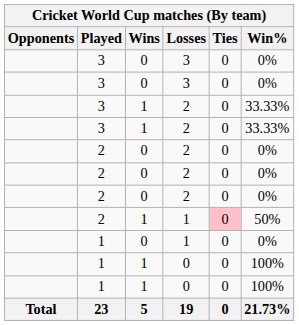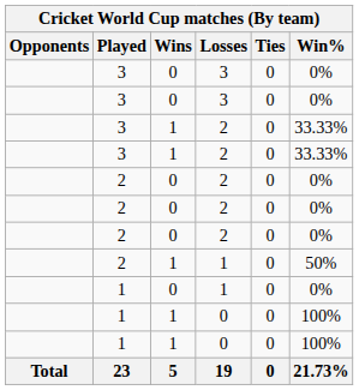 <table class="wikitable" style="text-align: center;">
 <tr>
 <th colspan=6>Cricket World Cup matches (By team)</th>
 </tr>
 <tr>
 <th>Opponents</th>
 <th>Played</th>
 <th>Wins</th>
 <th>Losses</th>
 <th>Ties</th>
 <th>Win%</th>
 </tr>
 <tr>
 <td align=left></td>
 <td>3</td>
 <td>0</td>
 <td>3</td>
 <td>0</td>
 <td>0%</td>
 </tr>
 <tr>
 <td align=left></td>
 <td>3</td>
 <td>0</td>
 <td>3</td>
 <td>0</td>
 <td>0%</td>
 </tr>
 <tr>
 <td align=left></td>
 <td>3</td>
 <td>1</td>
 <td>2</td>
 <td>0</td>
 <td>33.33%</td>
 </tr>
 <tr>
 <td align=left></td>
 <td>3</td>
 <td>1</td>
 <td>2</td>
 <td>0</td>
 <td>33.33%</td>
 </tr>
 <tr>
 <td align=left></td>
 <td>2</td>
 <td>0</td>
 <td>2</td>
 <td>0</td>
 <td>0%</td>
 </tr>
 <tr>
 <td align=left></td>
 <td>2</td>
 <td>0</td>
 <td>2</td>
 <td>0</td>
 <td>0%</td>
 </tr>
 <tr>
 <td align=left></td>
 <td>2</td>
 <td>0</td>
 <td>2</td>
 <td>0</td>
 <td>0%</td>
 </tr>
 <tr>
 <td align=left></td>
 <td>2</td>
 <td>1</td>
 <td>1</td>
-<td style="background: pink;">0</td>
+<td>0</td>
 <td>50%</td>
 </tr>
 <tr>
 <td align=left></td>
 <td>1</td>
 <td>0</td>
 <td>1</td>
 <td>0</td>
 <td>0%</td>
 </tr>
 <tr>
 <td align=left></td>
 <td>1</td>
 <td>1</td>
 <td>0</td>
 <td>0</td>
 <td>100%</td>
 </tr>
 <tr>
 <td align=left></td>
 <td>1</td>
 <td>1</td>
 <td>0</td>
 <td>0</td>
 <td>100%</td>
 </tr>
 <tr>
 <th>Total</th>
 <th>23</th>
 <th>5</th>
 <th>19</th>
 <th>0</th>
 <th>21.73%</th>
 </tr>
 </table>
